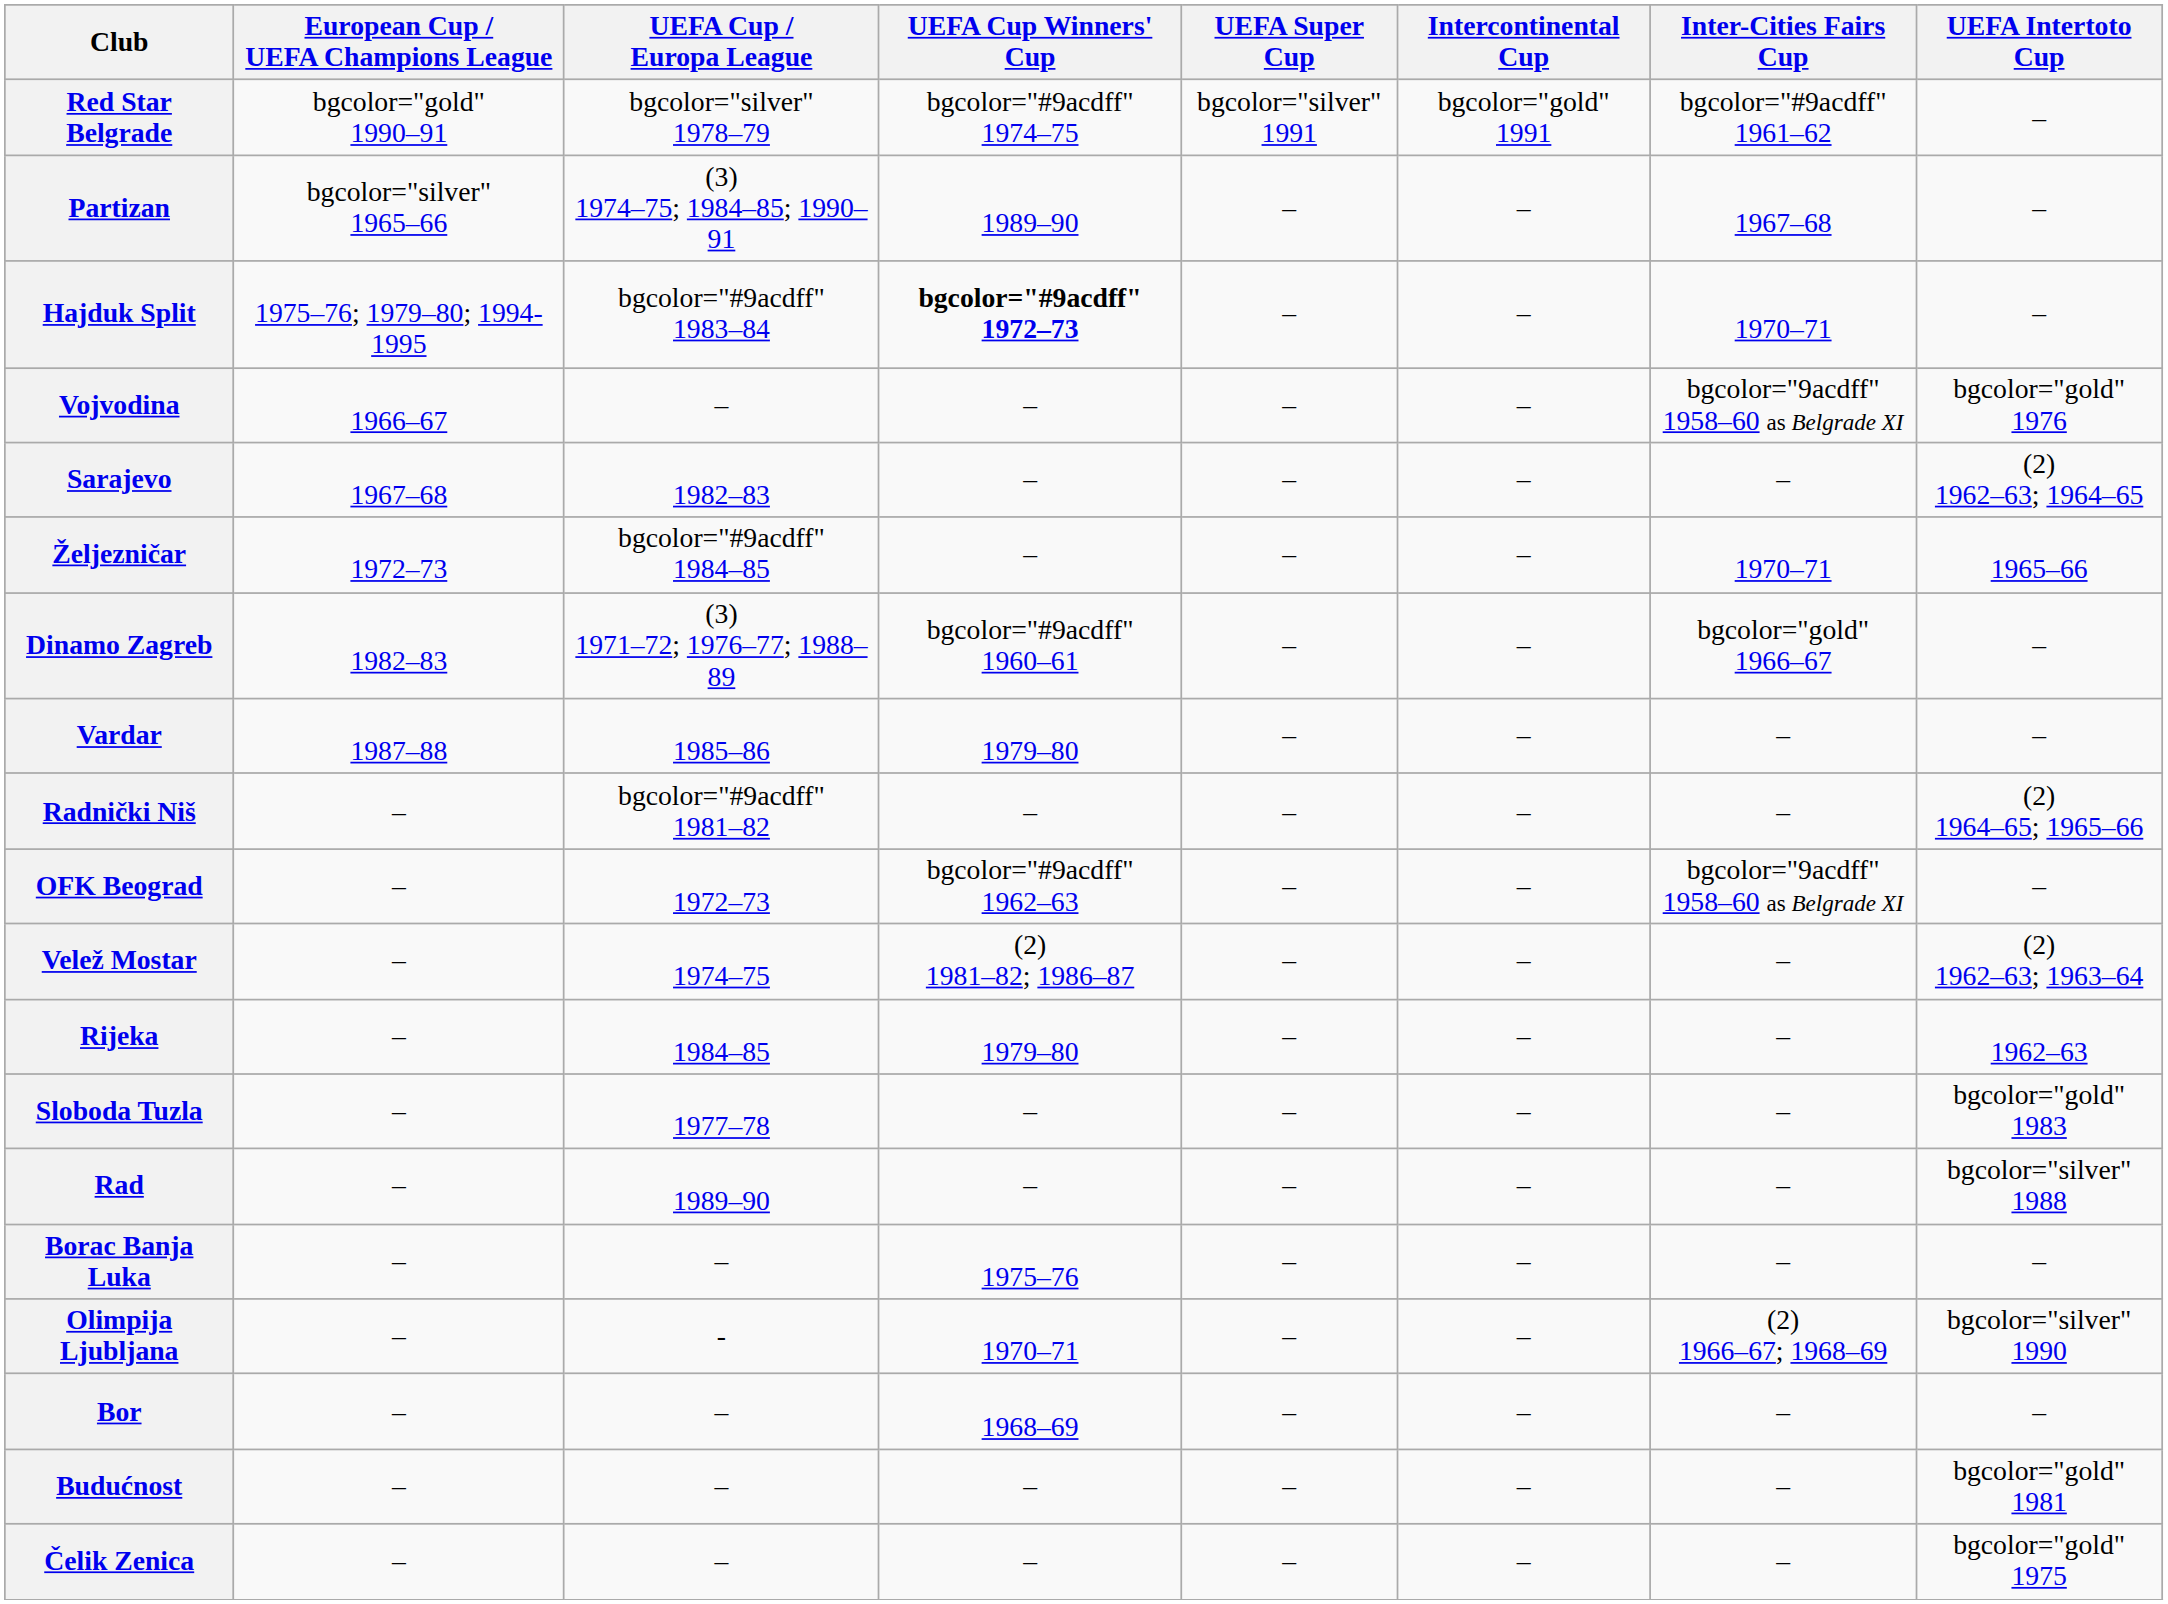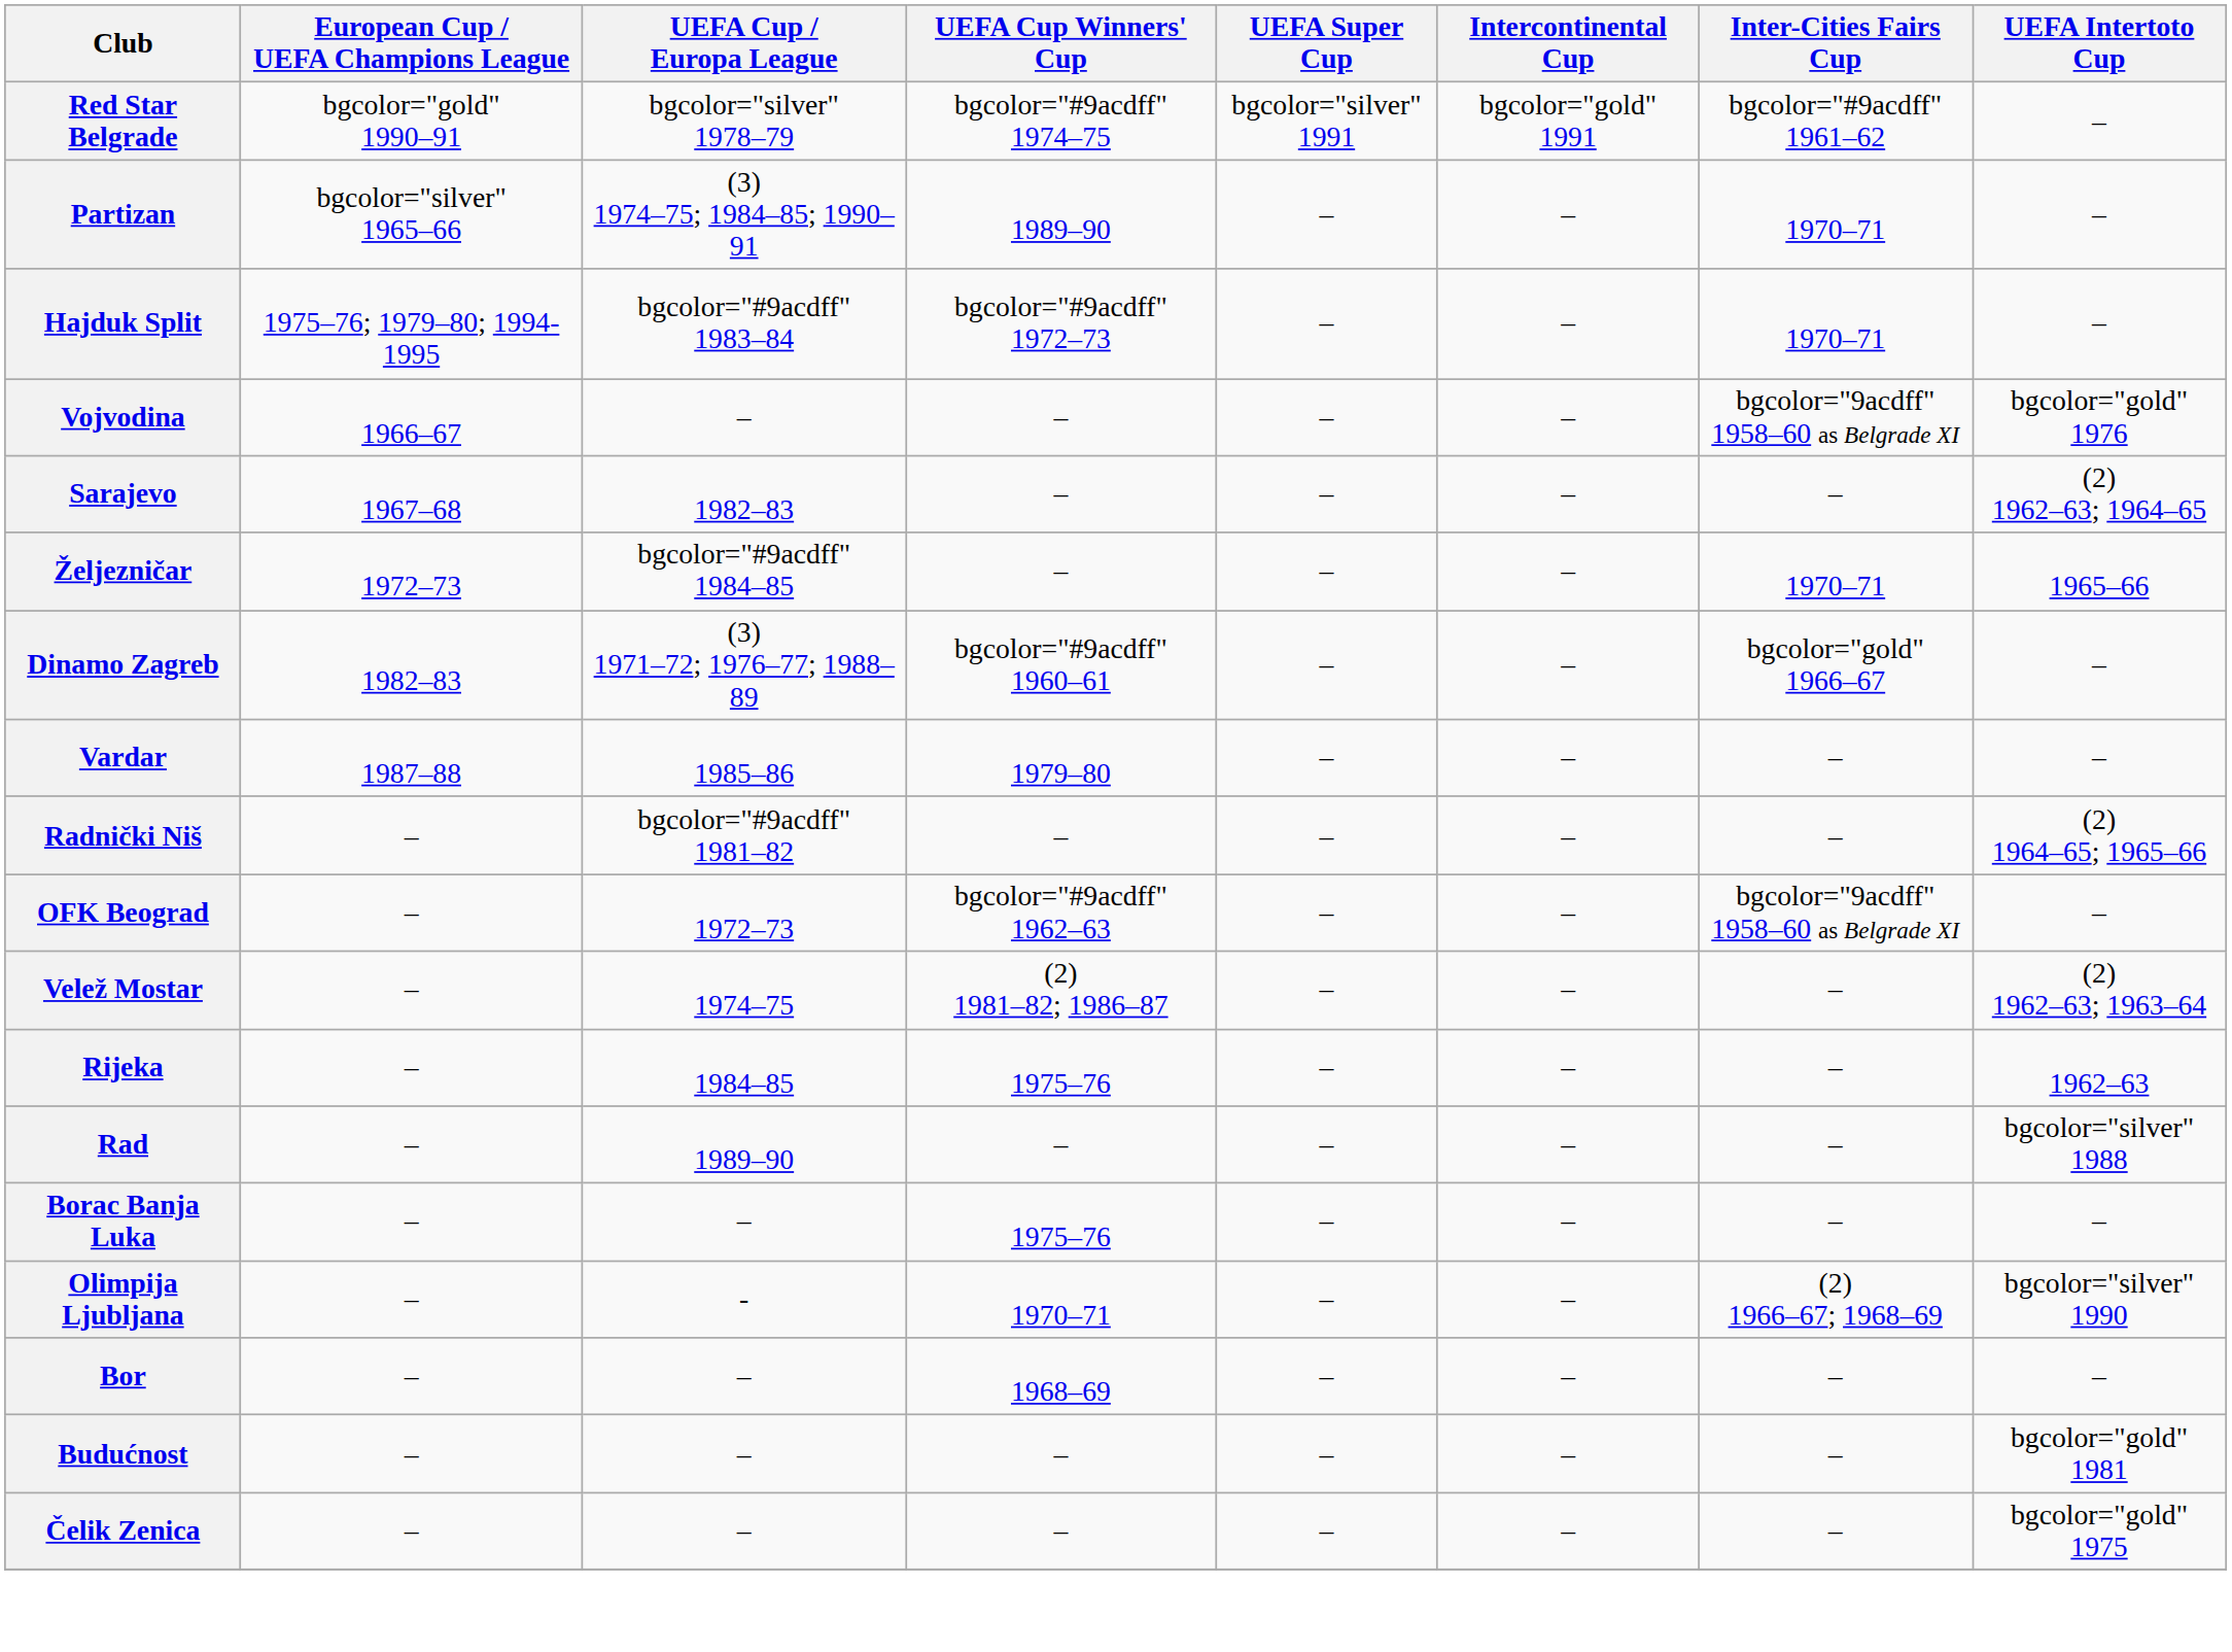 <table class="wikitable sortable plainrowheaders" style="text-align:center">
 <tr>
 <th>Club</th>
 <th><a href='#'>European Cup /<br> UEFA Champions League</a></th>
 <th><a href='#'>UEFA Cup /<br> Europa League</a></th>
 <th><a href='#'>UEFA Cup Winners' Cup</a></th>
 <th><a href='#'>UEFA Super Cup</a></th>
 <th><a href='#'>Intercontinental Cup</a></th>
 <th><a href='#'>Inter-Cities Fairs Cup</a></th>
 <th><a href='#'>UEFA Intertoto Cup</a></th>
 </tr>
 <tr>
 <th scope=row><a href='#'>Red Star Belgrade</a></th>
 <td>bgcolor="gold" <br> <a href='#'>1990–91</a></td>
 <td>bgcolor="silver" <br> <a href='#'>1978–79</a></td>
 <td>bgcolor="#9acdff" <br> <a href='#'>1974–75</a></td>
 <td>bgcolor="silver" <br> <a href='#'>1991</a></td>
 <td>bgcolor="gold" <br> <a href='#'>1991</a></td>
 <td>bgcolor="#9acdff" <br> <a href='#'>1961–62</a></td>
 <td>–</td>
 </tr>
 <tr>
 <th scope=row><a href='#'>Partizan</a></th>
 <td>bgcolor="silver" <br> <a href='#'>1965–66</a></td>
 <td> (3)<br> <a href='#'>1974–75</a>; <a href='#'>1984–85</a>; <a href='#'>1990–91</a></td>
 <td><br> <a href='#'>1989–90</a></td>
 <td>–</td>
 <td>–</td>
-<td> <br> <a href='#'>1967–68</a></td>
+<td> <br> <a href='#'>1970–71</a></td>
 <td>–</td>
 </tr>
 <tr>
 <th scope=row><a href='#'>Hajduk Split</a></th>
 <td><br> <a href='#'>1975–76</a>; <a href='#'>1979–80</a>; <a href='#'>1994-1995</a></td>
 <td>bgcolor="#9acdff" <br> <a href='#'>1983–84</a></td>
-<td><strong>bgcolor="#9acdff" <br> <a href='#'>1972–73</a></strong></td>
+<td>bgcolor="#9acdff" <br> <a href='#'>1972–73</a></td>
 <td>–</td>
 <td>–</td>
 <td> <br> <a href='#'>1970–71</a></td>
 <td>–</td>
 </tr>
 <tr>
 <th scope=row><a href='#'>Vojvodina</a></th>
 <td><br> <a href='#'>1966–67</a></td>
 <td>–</td>
 <td>–</td>
 <td>–</td>
 <td>–</td>
 <td>bgcolor="9acdff" <br> <a href='#'>1958–60</a> <small>as <em>Belgrade XI</em></small></td>
 <td>bgcolor="gold" <br> <a href='#'>1976</a></td>
 </tr>
 <tr>
 <th scope=row><a href='#'>Sarajevo</a></th>
 <td> <br><a href='#'>1967–68</a></td>
 <td> <br><a href='#'>1982–83</a></td>
 <td>–</td>
 <td>–</td>
 <td>–</td>
 <td>–</td>
 <td> (2)<br> <a href='#'>1962–63</a>; <a href='#'>1964–65</a></td>
 </tr>
 <tr>
 <th scope=row><a href='#'>Željezničar</a></th>
 <td><br> <a href='#'>1972–73</a></td>
 <td>bgcolor="#9acdff" <br> <a href='#'>1984–85</a></td>
 <td>–</td>
 <td>–</td>
 <td>–</td>
 <td><br> <a href='#'>1970–71</a></td>
 <td><br> <a href='#'>1965–66</a></td>
 </tr>
 <tr>
 <th scope=row><a href='#'>Dinamo Zagreb</a></th>
 <td><br> <a href='#'>1982–83</a></td>
 <td> (3)<br> <a href='#'>1971–72</a>; <a href='#'>1976–77</a>; <a href='#'>1988–89</a></td>
 <td>bgcolor="#9acdff" <br> <a href='#'>1960–61</a></td>
 <td>–</td>
 <td>–</td>
 <td>bgcolor="gold" <br> <a href='#'>1966–67</a></td>
 <td>–</td>
 </tr>
 <tr>
 <th scope=row><a href='#'>Vardar</a></th>
 <td><br> <a href='#'>1987–88</a></td>
 <td><br> <a href='#'>1985–86</a></td>
 <td><br> <a href='#'>1979–80</a></td>
 <td>–</td>
 <td>–</td>
 <td>–</td>
 <td>–</td>
 </tr>
 <tr>
 <th scope=row><a href='#'>Radnički Niš</a></th>
 <td>–</td>
 <td>bgcolor="#9acdff" <br> <a href='#'>1981–82</a></td>
 <td>–</td>
 <td>–</td>
 <td>–</td>
 <td>–</td>
 <td> (2)<br> <a href='#'>1964–65</a>; <a href='#'>1965–66</a></td>
 </tr>
 <tr>
 <th scope=row><a href='#'>OFK Beograd</a></th>
 <td>–</td>
 <td><br> <a href='#'>1972–73</a></td>
 <td>bgcolor="#9acdff" <br> <a href='#'>1962–63</a></td>
 <td>–</td>
 <td>–</td>
 <td>bgcolor="9acdff" <br> <a href='#'>1958–60</a> <small>as <em>Belgrade XI</em></small></td>
 <td>–</td>
 </tr>
 <tr>
 <th scope=row><a href='#'>Velež Mostar</a></th>
 <td>–</td>
 <td><br> <a href='#'>1974–75</a></td>
 <td> (2)<br> <a href='#'>1981–82</a>; <a href='#'>1986–87</a></td>
 <td>–</td>
 <td>–</td>
 <td>–</td>
 <td> (2)<br> <a href='#'>1962–63</a>; <a href='#'>1963–64</a></td>
 </tr>
 <tr>
 <th scope=row><a href='#'>Rijeka</a></th>
 <td>–</td>
 <td><br> <a href='#'>1984–85</a></td>
-<td><br> <a href='#'>1979–80</a></td>
+<td><br> <a href='#'>1975–76</a></td>
 <td>–</td>
 <td>–</td>
 <td>–</td>
 <td><br> <a href='#'>1962–63</a></td>
-</tr>
-<tr>
-<th scope=row><a href='#'>Sloboda Tuzla</a></th>
-<td>–</td>
-<td><br> <a href='#'>1977–78</a></td>
-<td>–</td>
-<td>–</td>
-<td>–</td>
-<td>–</td>
-<td>bgcolor="gold" <br> <a href='#'>1983</a></td>
 </tr>
 <tr>
 <th scope=row><a href='#'>Rad</a></th>
 <td>–</td>
 <td><br> <a href='#'>1989–90</a></td>
 <td>–</td>
 <td>–</td>
 <td>–</td>
 <td>–</td>
 <td>bgcolor="silver" <br> <a href='#'>1988</a></td>
 </tr>
 <tr>
 <th scope=row><a href='#'>Borac Banja Luka</a></th>
 <td>–</td>
 <td>–</td>
 <td><br> <a href='#'>1975–76</a></td>
 <td>–</td>
 <td>–</td>
 <td>–</td>
 <td>–</td>
 </tr>
 <tr>
 <th scope=row><a href='#'>Olimpija Ljubljana</a></th>
 <td>–</td>
 <td>-</td>
 <td><br> <a href='#'>1970–71</a></td>
 <td>–</td>
 <td>–</td>
 <td> (2)<br> <a href='#'>1966–67</a>; <a href='#'>1968–69</a></td>
 <td>bgcolor="silver" <br> <a href='#'>1990</a></td>
 </tr>
 <tr>
 <th scope=row><a href='#'>Bor</a></th>
 <td>–</td>
 <td>–</td>
 <td><br> <a href='#'>1968–69</a></td>
 <td>–</td>
 <td>–</td>
 <td>–</td>
 <td>–</td>
 </tr>
 <tr>
 <th scope=row><a href='#'>Budućnost</a></th>
 <td>–</td>
 <td>–</td>
 <td>–</td>
 <td>–</td>
 <td>–</td>
 <td>–</td>
 <td>bgcolor="gold" <br> <a href='#'>1981</a></td>
 </tr>
 <tr>
 <th scope=row><a href='#'>Čelik Zenica</a></th>
 <td>–</td>
 <td>–</td>
 <td>–</td>
 <td>–</td>
 <td>–</td>
 <td>–</td>
 <td>bgcolor="gold" <br> <a href='#'>1975</a></td>
 </tr>
 <tr>
 </tr>
 </table>
